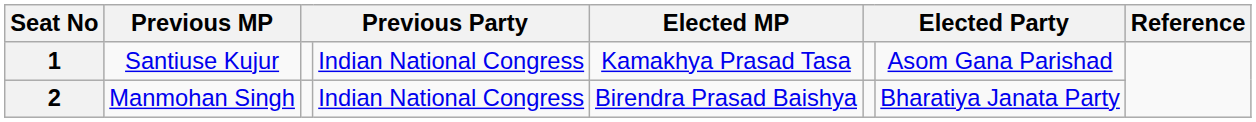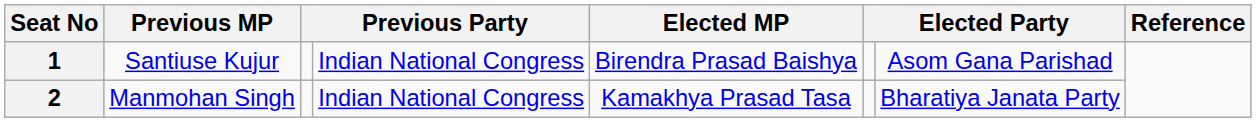 <table class="wikitable">
 <tr>
 <th>Seat No</th>
 <th>Previous MP</th>
 <th colspan=2>Previous Party</th>
 <th>Elected MP</th>
 <th colspan=2>Elected Party</th>
 <th>Reference</th>
 </tr>
 <tr style="text-align:center;">
 <th>1</th>
 <td><a href='#'>Santiuse Kujur</a></td>
 <td width="1px"></td>
 <td><a href='#'>Indian National Congress</a></td>
-<td><a href='#'>Kamakhya Prasad Tasa</a></td>
+<td><a href='#'>Birendra Prasad Baishya</a></td>
 <td width="1px"></td>
 <td><a href='#'>Asom Gana Parishad</a></td>
 <td rowspan=2></td>
 </tr>
 <tr style="text-align:center;">
 <th>2</th>
 <td><a href='#'>Manmohan Singh</a></td>
 <td width="1px"></td>
 <td><a href='#'>Indian National Congress</a></td>
-<td><a href='#'>Birendra Prasad Baishya</a></td>
+<td><a href='#'>Kamakhya Prasad Tasa</a></td>
 <td width="1px"></td>
 <td><a href='#'>Bharatiya Janata Party</a></td>
 </tr>
 </table>
